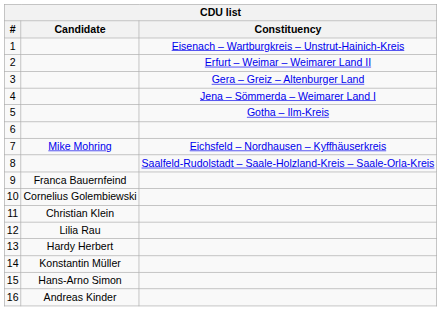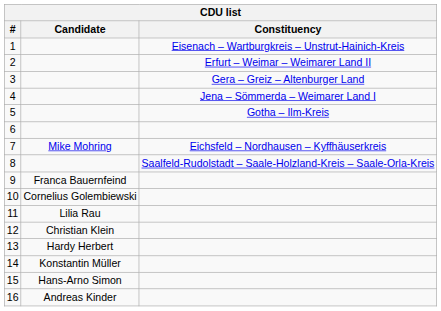 <table class="wikitable mw-collapsible mw-collapsed" style="text-align:center">
 <tr>
 <th colspan=3>CDU list</th>
 </tr>
 <tr>
 <th>#</th>
 <th>Candidate</th>
 <th>Constituency</th>
 </tr>
 <tr>
 <td>1</td>
 <td></td>
 <td><a href='#'>Eisenach – Wartburgkreis – Unstrut-Hainich-Kreis</a></td>
 </tr>
 <tr>
 <td>2</td>
 <td></td>
 <td><a href='#'>Erfurt – Weimar – Weimarer Land II</a></td>
 </tr>
 <tr>
 <td>3</td>
 <td></td>
 <td><a href='#'>Gera – Greiz – Altenburger Land</a></td>
 </tr>
 <tr>
 <td>4</td>
 <td></td>
 <td><a href='#'>Jena – Sömmerda – Weimarer Land I</a></td>
 </tr>
 <tr>
 <td>5</td>
 <td></td>
 <td><a href='#'>Gotha – Ilm-Kreis</a></td>
 </tr>
 <tr>
 <td>6</td>
 <td></td>
 <td></td>
 </tr>
 <tr>
 <td>7</td>
 <td><a href='#'>Mike Mohring</a></td>
 <td><a href='#'>Eichsfeld – Nordhausen – Kyffhäuserkreis</a></td>
 </tr>
 <tr>
 <td>8</td>
 <td></td>
 <td><a href='#'>Saalfeld-Rudolstadt – Saale-Holzland-Kreis – Saale-Orla-Kreis</a></td>
 </tr>
 <tr>
 <td>9</td>
 <td>Franca Bauernfeind</td>
 <td></td>
 </tr>
 <tr>
 <td>10</td>
 <td>Cornelius Golembiewski</td>
 <td></td>
 </tr>
 <tr>
 <td>11</td>
-<td>Christian Klein</td>
+<td>Lilia Rau</td>
 <td></td>
 </tr>
 <tr>
 <td>12</td>
-<td>Lilia Rau</td>
+<td>Christian Klein</td>
 <td></td>
 </tr>
 <tr>
 <td>13</td>
 <td>Hardy Herbert</td>
 <td></td>
 </tr>
 <tr>
 <td>14</td>
 <td>Konstantin Müller</td>
 <td></td>
 </tr>
 <tr>
 <td>15</td>
 <td>Hans-Arno Simon</td>
 <td></td>
 </tr>
 <tr>
 <td>16</td>
 <td>Andreas Kinder</td>
 <td></td>
 </tr>
 </table>
